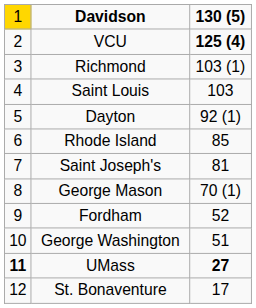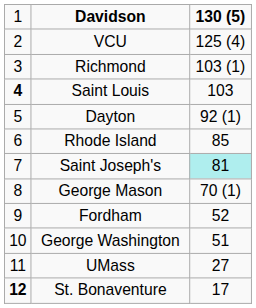 <table class="wikitable" style="width: 20%;text-align: center;">
 <tr align="center">
 </tr>
 <tr align="center">
-<td style="background: gold;">1</td>
+<td>1</td>
 <td><strong>Davidson</strong></td>
 <td><strong>130 (5)</strong></td>
 </tr>
 <tr>
 <td>2</td>
 <td>VCU</td>
-<td><strong>125 (4)</strong></td>
+<td>125 (4)</td>
 </tr>
 <tr>
 <td>3</td>
 <td>Richmond</td>
 <td>103 (1)</td>
 </tr>
 <tr>
-<td>4</td>
+<td><strong>4</strong></td>
 <td>Saint Louis</td>
 <td>103</td>
 </tr>
 <tr>
 <td>5</td>
 <td>Dayton</td>
 <td>92 (1)</td>
 </tr>
 <tr>
 <td>6</td>
 <td>Rhode Island</td>
 <td>85</td>
 </tr>
 <tr>
 <td>7</td>
 <td>Saint Joseph's</td>
-<td>81</td>
+<td style="background: paleturquoise;">81</td>
 </tr>
 <tr>
 <td>8</td>
 <td>George Mason</td>
 <td>70 (1)</td>
 </tr>
 <tr>
 <td>9</td>
 <td>Fordham</td>
 <td>52</td>
 </tr>
 <tr>
 <td>10</td>
 <td>George Washington</td>
 <td>51</td>
 </tr>
 <tr>
-<td><strong>11</strong></td>
+<td>11</td>
 <td>UMass</td>
-<td><strong>27</strong></td>
+<td>27</td>
 </tr>
 <tr>
-<td>12</td>
+<td><strong>12</strong></td>
 <td>St. Bonaventure</td>
 <td>17</td>
 </tr>
 </table>
